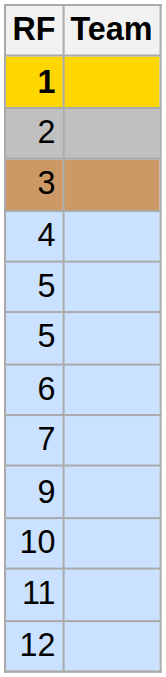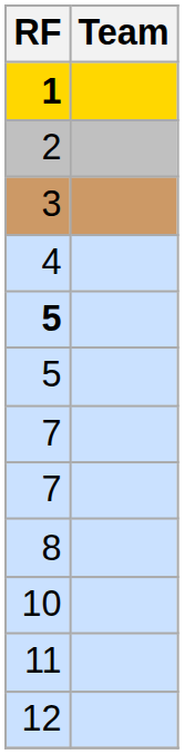 <table class="wikitable">
 <tr>
 <th>RF</th>
 <th>Team</th>
 </tr>
 <tr bgcolor="gold" align="right">
 <td><strong>1</strong></td>
 <td align="left"></td>
 </tr>
 <tr bgcolor="silver" align="right">
 <td>2</td>
 <td align="left"></td>
 </tr>
 <tr bgcolor="#c96" align="right">
 <td>3</td>
 <td align="left"></td>
 </tr>
 <tr bgcolor="#CAE1FF" align="right">
 <td>4</td>
 <td align="left"></td>
 </tr>
 <tr bgcolor="#CAE1FF" align="right">
-<td>5</td>
+<td><strong>5</strong></td>
 <td align="left"></td>
 </tr>
 <tr bgcolor="#CAE1FF" align="right">
 <td>5</td>
 <td align="left"></td>
 </tr>
 <tr bgcolor="#CAE1FF" align="right">
-<td>6</td>
+<td>7</td>
 <td align="left"></td>
 </tr>
 <tr bgcolor="#CAE1FF" align="right">
 <td>7</td>
 <td align="left"></td>
 </tr>
 <tr bgcolor="#CAE1FF" align="right">
-<td>9</td>
+<td>8</td>
 <td align="left"></td>
 </tr>
 <tr bgcolor="#CAE1FF" align="right">
 <td>10</td>
 <td align="left"></td>
 </tr>
 <tr bgcolor="#CAE1FF" align="right">
 <td>11</td>
 <td align="left"></td>
 </tr>
 <tr bgcolor="#CAE1FF" align="right">
 <td>12</td>
 <td align="left"></td>
 </tr>
 <tr bgcolor="#CAE1FF" align="right">
 </tr>
 </table>
